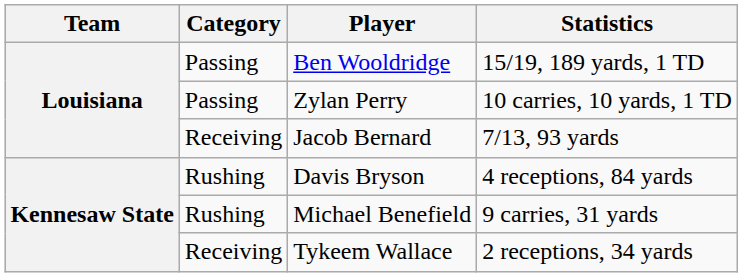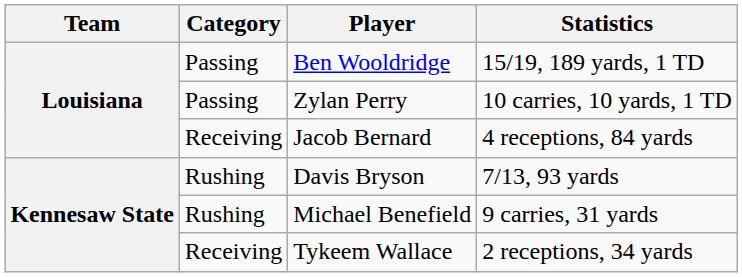 <table class="wikitable" style="float:right">
 <tr>
 <th>Team</th>
 <th>Category</th>
 <th>Player</th>
 <th>Statistics</th>
 </tr>
 <tr>
 <th rowspan=3>Louisiana</th>
 <td>Passing</td>
 <td><a href='#'>Ben Wooldridge</a></td>
 <td>15/19, 189 yards, 1 TD</td>
 </tr>
 <tr>
 <td>Passing</td>
 <td>Zylan Perry</td>
 <td>10 carries, 10 yards, 1 TD</td>
 </tr>
 <tr>
 <td>Receiving</td>
 <td>Jacob Bernard</td>
-<td>7/13, 93 yards</td>
+<td>4 receptions, 84 yards</td>
 </tr>
 <tr>
 <th rowspan=3>Kennesaw State</th>
 <td>Rushing</td>
 <td>Davis Bryson</td>
-<td>4 receptions, 84 yards</td>
+<td>7/13, 93 yards</td>
 </tr>
 <tr>
 <td>Rushing</td>
 <td>Michael Benefield</td>
 <td>9 carries, 31 yards</td>
 </tr>
 <tr>
 <td>Receiving</td>
 <td>Tykeem Wallace</td>
 <td>2 receptions, 34 yards</td>
 </tr>
 </table>
